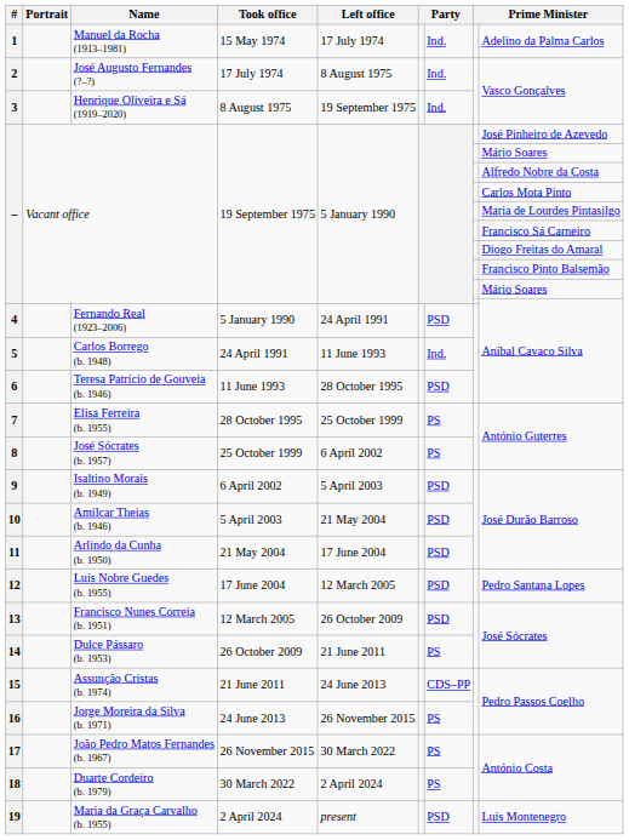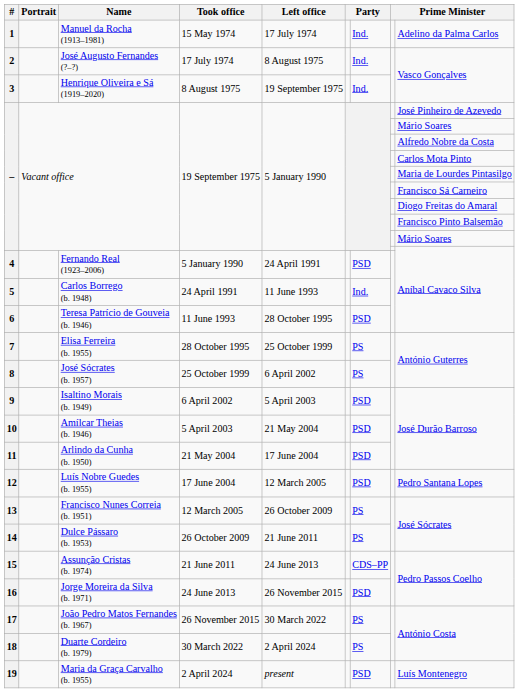 <table class="wikitable">
 <tr>
 <th>#</th>
 <th>Portrait</th>
 <th>Name</th>
 <th>Took office</th>
 <th>Left office</th>
 <th colspan="2">Party</th>
 <th colspan="2">Prime Minister</th>
 </tr>
 <tr>
 <th>1</th>
 <td></td>
 <td><a href='#'>Manuel da Rocha</a><br><small>(1913–1981)</small></td>
 <td>15 May 1974</td>
 <td>17 July 1974</td>
 <td style="background-color: "></td>
 <td><a href='#'>Ind.</a></td>
 <td style="background-color: "></td>
 <td><a href='#'>Adelino da Palma Carlos</a></td>
 </tr>
 <tr>
 <th>2</th>
 <td></td>
 <td><a href='#'>José Augusto Fernandes</a><br><small>(?–?)</small></td>
 <td>17 July 1974</td>
 <td>8 August 1975</td>
 <td style="background-color: "></td>
 <td><a href='#'>Ind.</a></td>
 <td rowspan="2" style="background-color: "></td>
 <td rowspan="2"><a href='#'>Vasco Gonçalves</a></td>
 </tr>
 <tr>
 <th>3</th>
 <td></td>
 <td><a href='#'>Henrique Oliveira e Sá</a><br><small>(1919–2020)</small></td>
 <td>8 August 1975</td>
 <td>19 September 1975</td>
 <td style="background-color: "></td>
 <td><a href='#'>Ind.</a></td>
 </tr>
 <tr>
 <th rowspan="10">–</th>
 <td colspan="2" rowspan="10"><em>Vacant office</em></td>
 <td rowspan="10">19 September 1975</td>
 <td rowspan="10">5 January 1990</td>
 <th colspan="2" rowspan="10"></th>
 <td style="background-color: "></td>
 <td><a href='#'>José Pinheiro de Azevedo</a></td>
 </tr>
 <tr>
 <td style="background-color: "></td>
 <td><a href='#'>Mário Soares</a></td>
 </tr>
 <tr>
 <td style="background-color: "></td>
 <td><a href='#'>Alfredo Nobre da Costa</a></td>
 </tr>
 <tr>
 <td style="background-color: "></td>
 <td><a href='#'>Carlos Mota Pinto</a></td>
 </tr>
 <tr>
 <td style="background-color: "></td>
 <td><a href='#'>Maria de Lourdes Pintasilgo</a></td>
 </tr>
 <tr>
 <td style="background-color: "></td>
 <td><a href='#'>Francisco Sá Carneiro</a></td>
 </tr>
 <tr>
 <td style="background-color: "></td>
 <td><a href='#'>Diogo Freitas do Amaral</a></td>
 </tr>
 <tr>
 <td style="background-color: "></td>
 <td><a href='#'>Francisco Pinto Balsemão</a></td>
 </tr>
 <tr>
 <td style="background-color: "></td>
 <td><a href='#'>Mário Soares</a></td>
 </tr>
 <tr>
 <td style="background-color: "></td>
 <td rowspan="4"><a href='#'>Aníbal Cavaco Silva</a></td>
 </tr>
 <tr>
 <th>4</th>
 <td></td>
 <td><a href='#'>Fernando Real</a><br><small>(1923–2006)</small></td>
 <td>5 January 1990</td>
 <td>24 April 1991</td>
 <td style="background-color: "></td>
 <td><a href='#'>PSD</a></td>
 <td rowspan="3" style="background-color: "></td>
 </tr>
 <tr>
 <th>5</th>
 <td></td>
 <td><a href='#'>Carlos Borrego</a><br><small>(b. 1948)</small></td>
 <td>24 April 1991</td>
 <td>11 June 1993</td>
 <td style="background-color: "></td>
 <td><a href='#'>Ind.</a></td>
 </tr>
 <tr>
 <th>6</th>
 <td></td>
 <td><a href='#'>Teresa Patrício de Gouveia</a><br><small>(b. 1946)</small></td>
 <td>11 June 1993</td>
 <td>28 October 1995</td>
 <td style="background-color: "></td>
 <td><a href='#'>PSD</a></td>
 </tr>
 <tr>
 <th>7</th>
 <td></td>
 <td><a href='#'>Elisa Ferreira</a><br><small>(b. 1955)</small></td>
 <td>28 October 1995</td>
 <td>25 October 1999</td>
 <td style="background-color: "></td>
 <td><a href='#'>PS</a></td>
 <td rowspan="2" style="background-color: "></td>
 <td rowspan="2"><a href='#'>António Guterres</a></td>
 </tr>
 <tr>
 <th>8</th>
 <td></td>
 <td><a href='#'>José Sócrates</a><br><small>(b. 1957)</small></td>
 <td>25 October 1999</td>
 <td>6 April 2002</td>
 <td style="background-color: "></td>
 <td><a href='#'>PS</a></td>
 </tr>
 <tr>
 <th>9</th>
 <td></td>
 <td><a href='#'>Isaltino Morais</a><br><small>(b. 1949)</small></td>
 <td>6 April 2002</td>
 <td>5 April 2003</td>
 <td style="background-color: "></td>
 <td><a href='#'>PSD</a></td>
 <td rowspan="3" style="background-color: "></td>
 <td rowspan="3"><a href='#'>José Durão Barroso</a></td>
 </tr>
 <tr>
 <th>10</th>
 <td></td>
 <td><a href='#'>Amílcar Theias</a><br><small>(b. 1946)</small></td>
 <td>5 April 2003</td>
 <td>21 May 2004</td>
 <td style="background-color: "></td>
 <td><a href='#'>PSD</a></td>
 </tr>
 <tr>
 <th>11</th>
 <td></td>
 <td><a href='#'>Arlindo da Cunha</a><br><small>(b. 1950)</small></td>
 <td>21 May 2004</td>
 <td>17 June 2004</td>
 <td style="background-color: "></td>
 <td><a href='#'>PSD</a></td>
 </tr>
 <tr>
 <th>12</th>
 <td></td>
 <td><a href='#'>Luís Nobre Guedes</a><br><small>(b. 1955)</small></td>
 <td>17 June 2004</td>
 <td>12 March 2005</td>
 <td style="background-color: "></td>
 <td><a href='#'>PSD</a></td>
 <td style="background-color: "></td>
 <td><a href='#'>Pedro Santana Lopes</a></td>
 </tr>
 <tr>
 <th>13</th>
 <td></td>
 <td><a href='#'>Francisco Nunes Correia</a><br><small>(b. 1951)</small></td>
 <td>12 March 2005</td>
 <td>26 October 2009</td>
 <td style="background-color: "></td>
-<td><a href='#'>PSD</a></td>
+<td><a href='#'>PS</a></td>
 <td rowspan="2" style="background-color: "></td>
 <td rowspan="2"><a href='#'>José Sócrates</a></td>
 </tr>
 <tr>
 <th>14</th>
 <td></td>
 <td><a href='#'>Dulce Pássaro</a><br><small>(b. 1953)</small></td>
 <td>26 October 2009</td>
 <td>21 June 2011</td>
 <td style="background-color: "></td>
 <td><a href='#'>PS</a></td>
 </tr>
 <tr>
 <th>15</th>
 <td></td>
 <td><a href='#'>Assunção Cristas</a><br><small>(b. 1974)</small></td>
 <td>21 June 2011</td>
 <td>24 June 2013</td>
 <td style="background-color: "></td>
 <td><a href='#'>CDS–PP</a></td>
 <td rowspan="2" style="background-color: "></td>
 <td rowspan="2"><a href='#'>Pedro Passos Coelho</a></td>
 </tr>
 <tr>
 <th>16</th>
 <td></td>
 <td><a href='#'>Jorge Moreira da Silva</a><br><small>(b. 1971)</small></td>
 <td>24 June 2013</td>
 <td>26 November 2015</td>
 <td style="background-color: "></td>
-<td><a href='#'>PS</a></td>
+<td><a href='#'>PSD</a></td>
 </tr>
 <tr>
 <th>17</th>
 <td></td>
 <td><a href='#'>João Pedro Matos Fernandes</a><br><small>(b. 1967)</small></td>
 <td>26 November 2015</td>
 <td>30 March 2022</td>
 <td style="background-color: "></td>
 <td><a href='#'>PS</a></td>
 <td rowspan="2" style="background-color: "></td>
 <td rowspan="2"><a href='#'>António Costa</a></td>
 </tr>
 <tr>
 <th>18</th>
 <td></td>
 <td><a href='#'>Duarte Cordeiro</a><br><small>(b. 1979)</small></td>
 <td>30 March 2022</td>
 <td>2 April 2024</td>
 <td style="background-color: "></td>
 <td><a href='#'>PS</a></td>
 </tr>
 <tr>
 <th>19</th>
 <td></td>
 <td><a href='#'>Maria da Graça Carvalho</a><br><small>(b. 1955)</small></td>
 <td>2 April 2024</td>
 <td><em>present</em></td>
 <td style="background-color: "></td>
 <td><a href='#'>PSD</a></td>
 <td style="background-color: "></td>
 <td><a href='#'>Luís Montenegro</a></td>
 </tr>
 </table>
